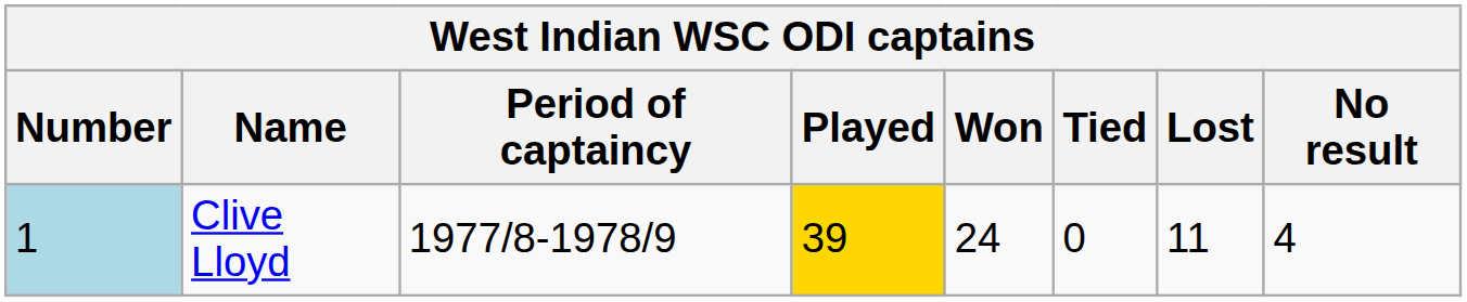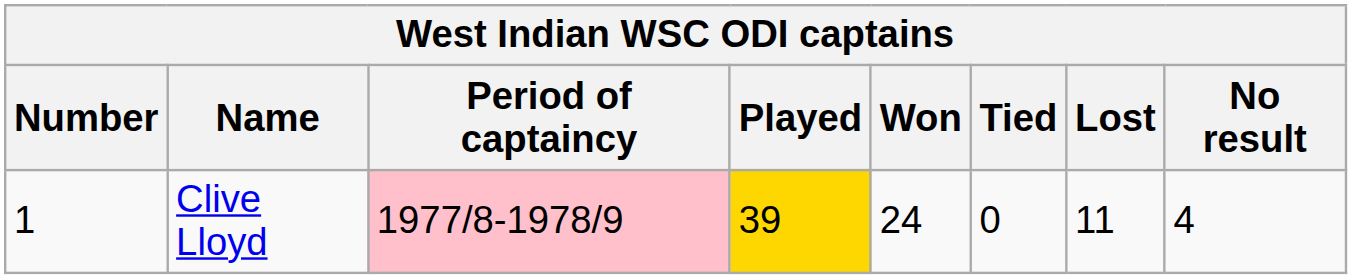 <table class="wikitable" width="90%">
 <tr bgcolor="#efefef">
 <th colspan=8 style="border-right:0px;";>West Indian WSC ODI captains</th>
 </tr>
 <tr bgcolor="#efefef">
 <th>Number</th>
 <th>Name</th>
 <th>Period of captaincy</th>
 <th>Played</th>
 <th>Won</th>
 <th>Tied</th>
 <th>Lost</th>
 <th>No result</th>
 </tr>
 <tr>
-<td style="background: lightblue;">1</td>
+<td>1</td>
 <td><a href='#'>Clive Lloyd</a></td>
-<td>1977/8-1978/9</td>
+<td style="background: pink;">1977/8-1978/9</td>
 <td style="background: gold;">39</td>
 <td>24</td>
 <td>0</td>
 <td>11</td>
 <td>4</td>
 </tr>
 </table>
